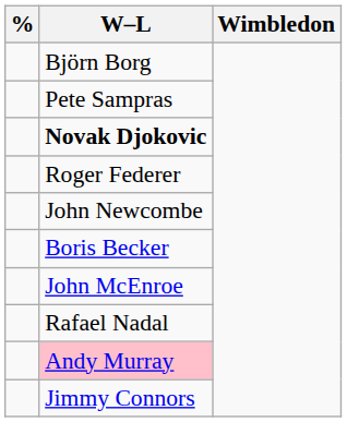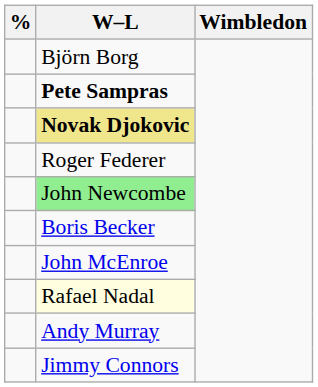 <table class="wikitable" style="display:inline-table;">
 <tr>
 <th>%</th>
 <th>W–L</th>
 <th>Wimbledon</th>
 </tr>
 <tr>
 <td></td>
 <td> Björn Borg</td>
 </tr>
 <tr>
 <td></td>
-<td> Pete Sampras</td>
+<td><strong> Pete Sampras</strong></td>
 </tr>
 <tr>
 <td></td>
-<td><strong> Novak Djokovic</strong></td>
+<td style="background: khaki;"><strong> Novak Djokovic</strong></td>
 </tr>
 <tr>
 <td></td>
 <td> Roger Federer</td>
 </tr>
 <tr>
 <td></td>
-<td> John Newcombe</td>
+<td style="background: lightgreen;"> John Newcombe</td>
 </tr>
 <tr>
 <td></td>
 <td> <a href='#'>Boris Becker</a></td>
 </tr>
 <tr>
 <td></td>
 <td> <a href='#'>John McEnroe</a></td>
 </tr>
 <tr>
 <td></td>
-<td> Rafael Nadal</td>
+<td style="background: lightyellow;"> Rafael Nadal</td>
 </tr>
 <tr>
 <td></td>
-<td style="background: pink;"> <a href='#'>Andy Murray</a></td>
+<td> <a href='#'>Andy Murray</a></td>
 </tr>
 <tr>
 <td></td>
 <td> <a href='#'>Jimmy Connors</a></td>
 </tr>
 </table>
